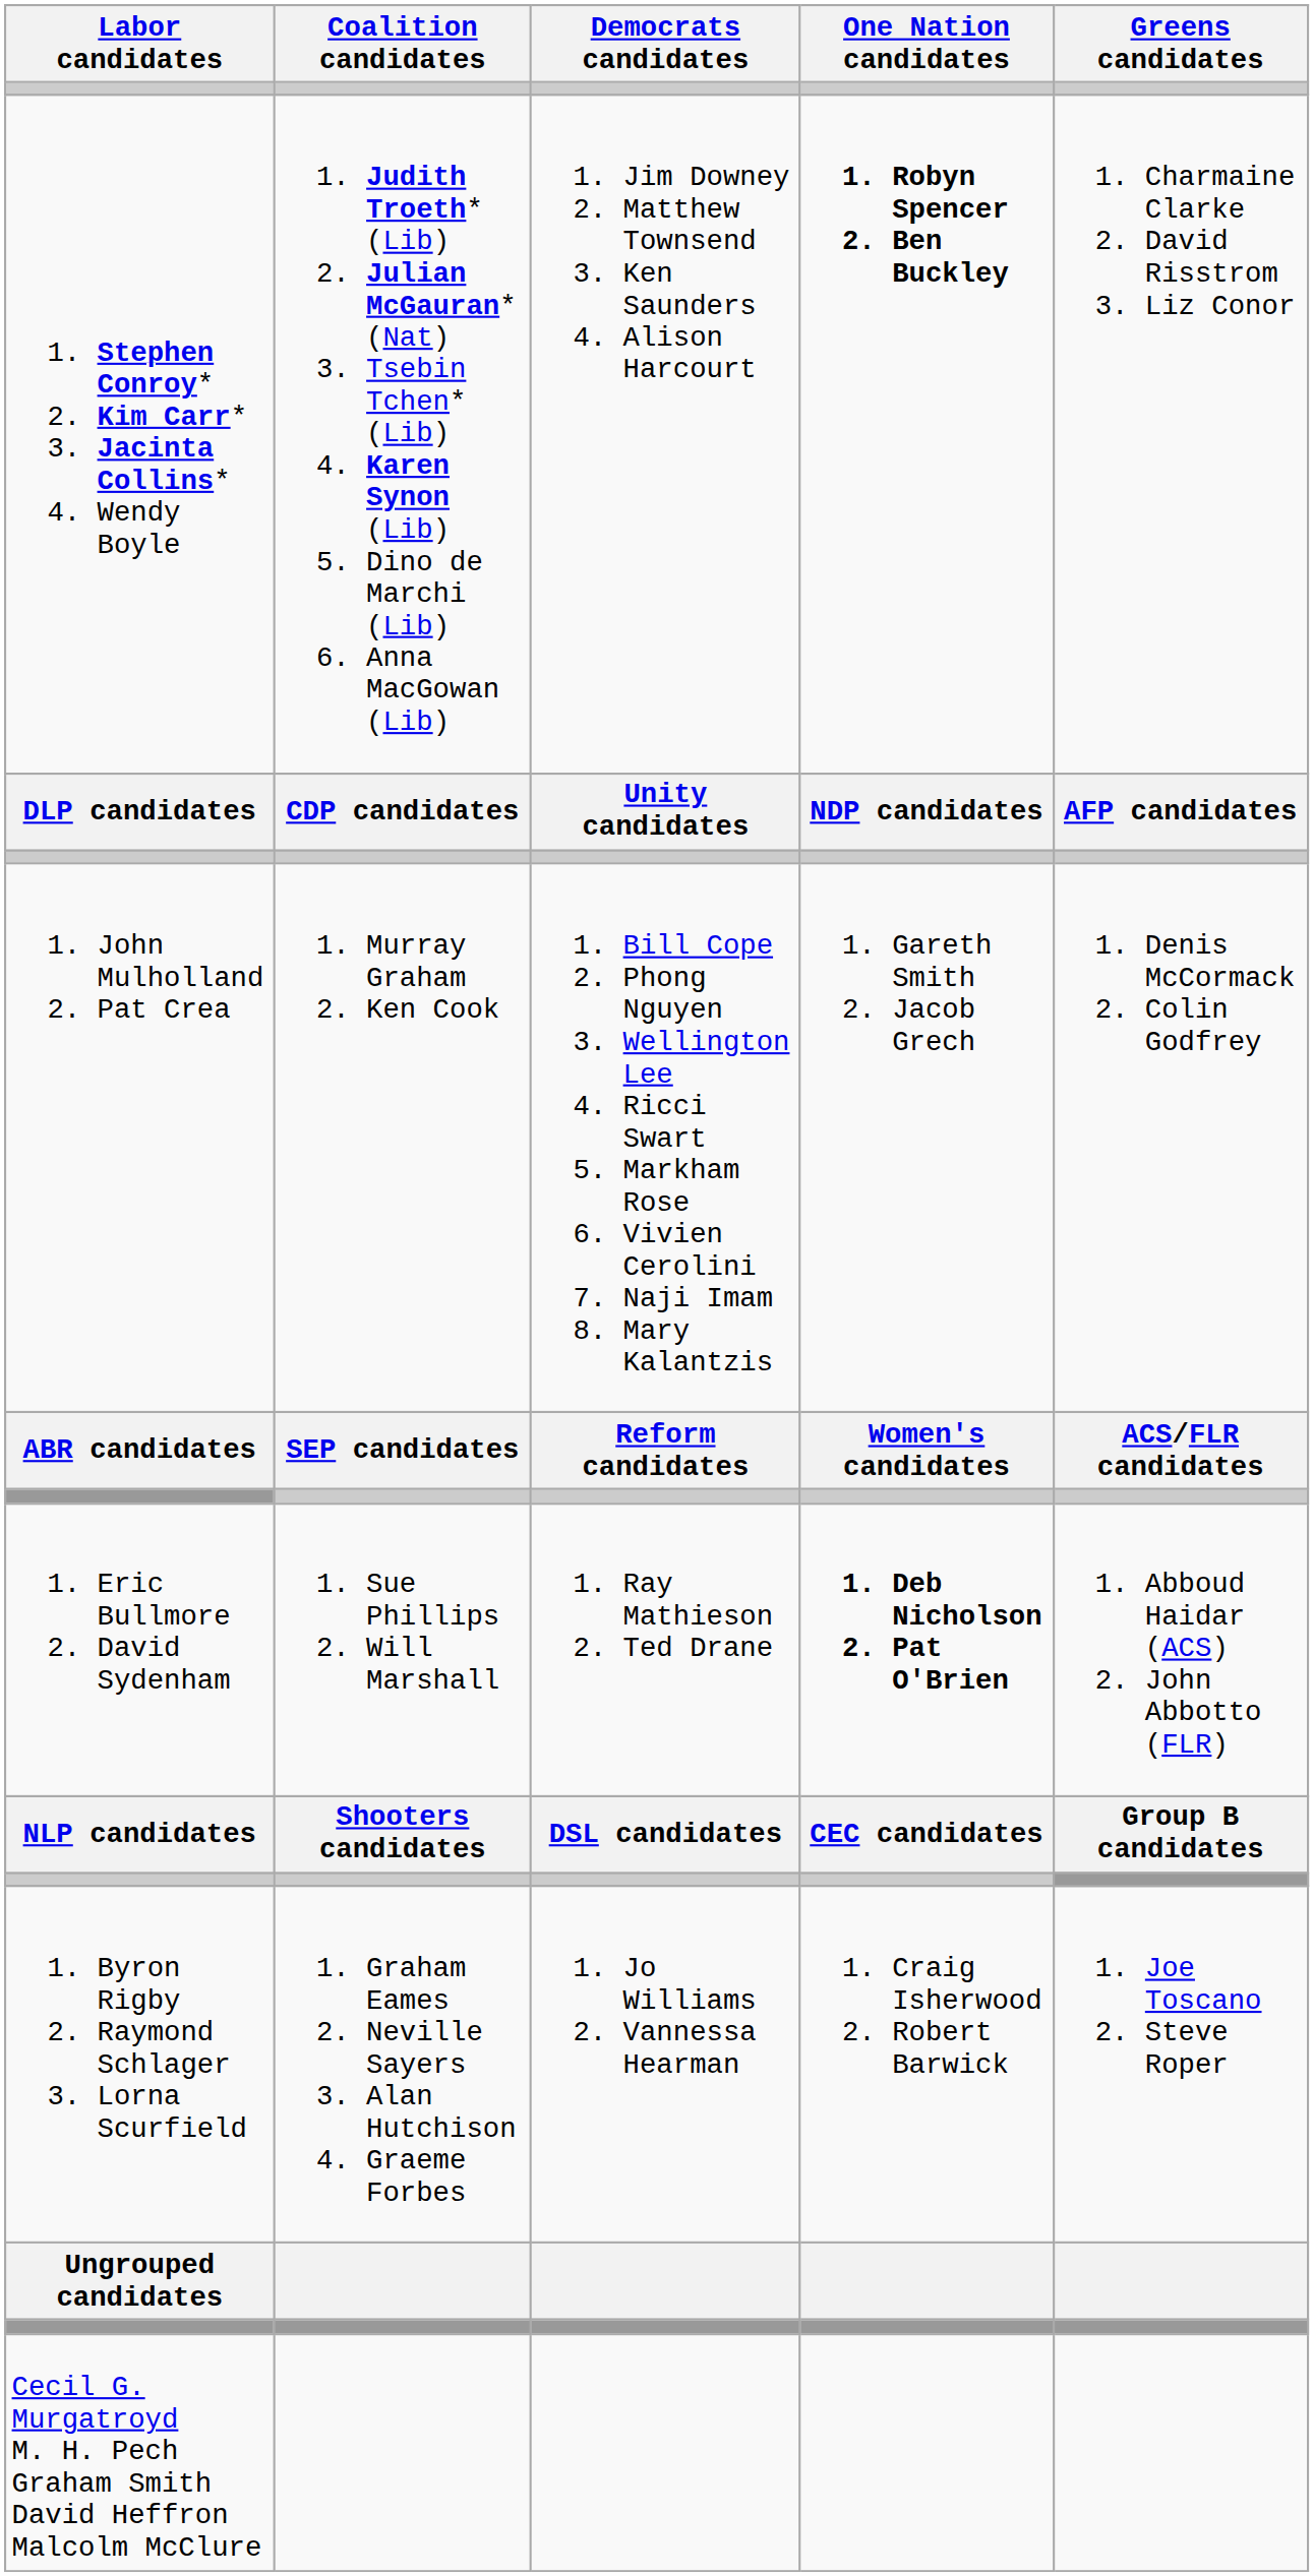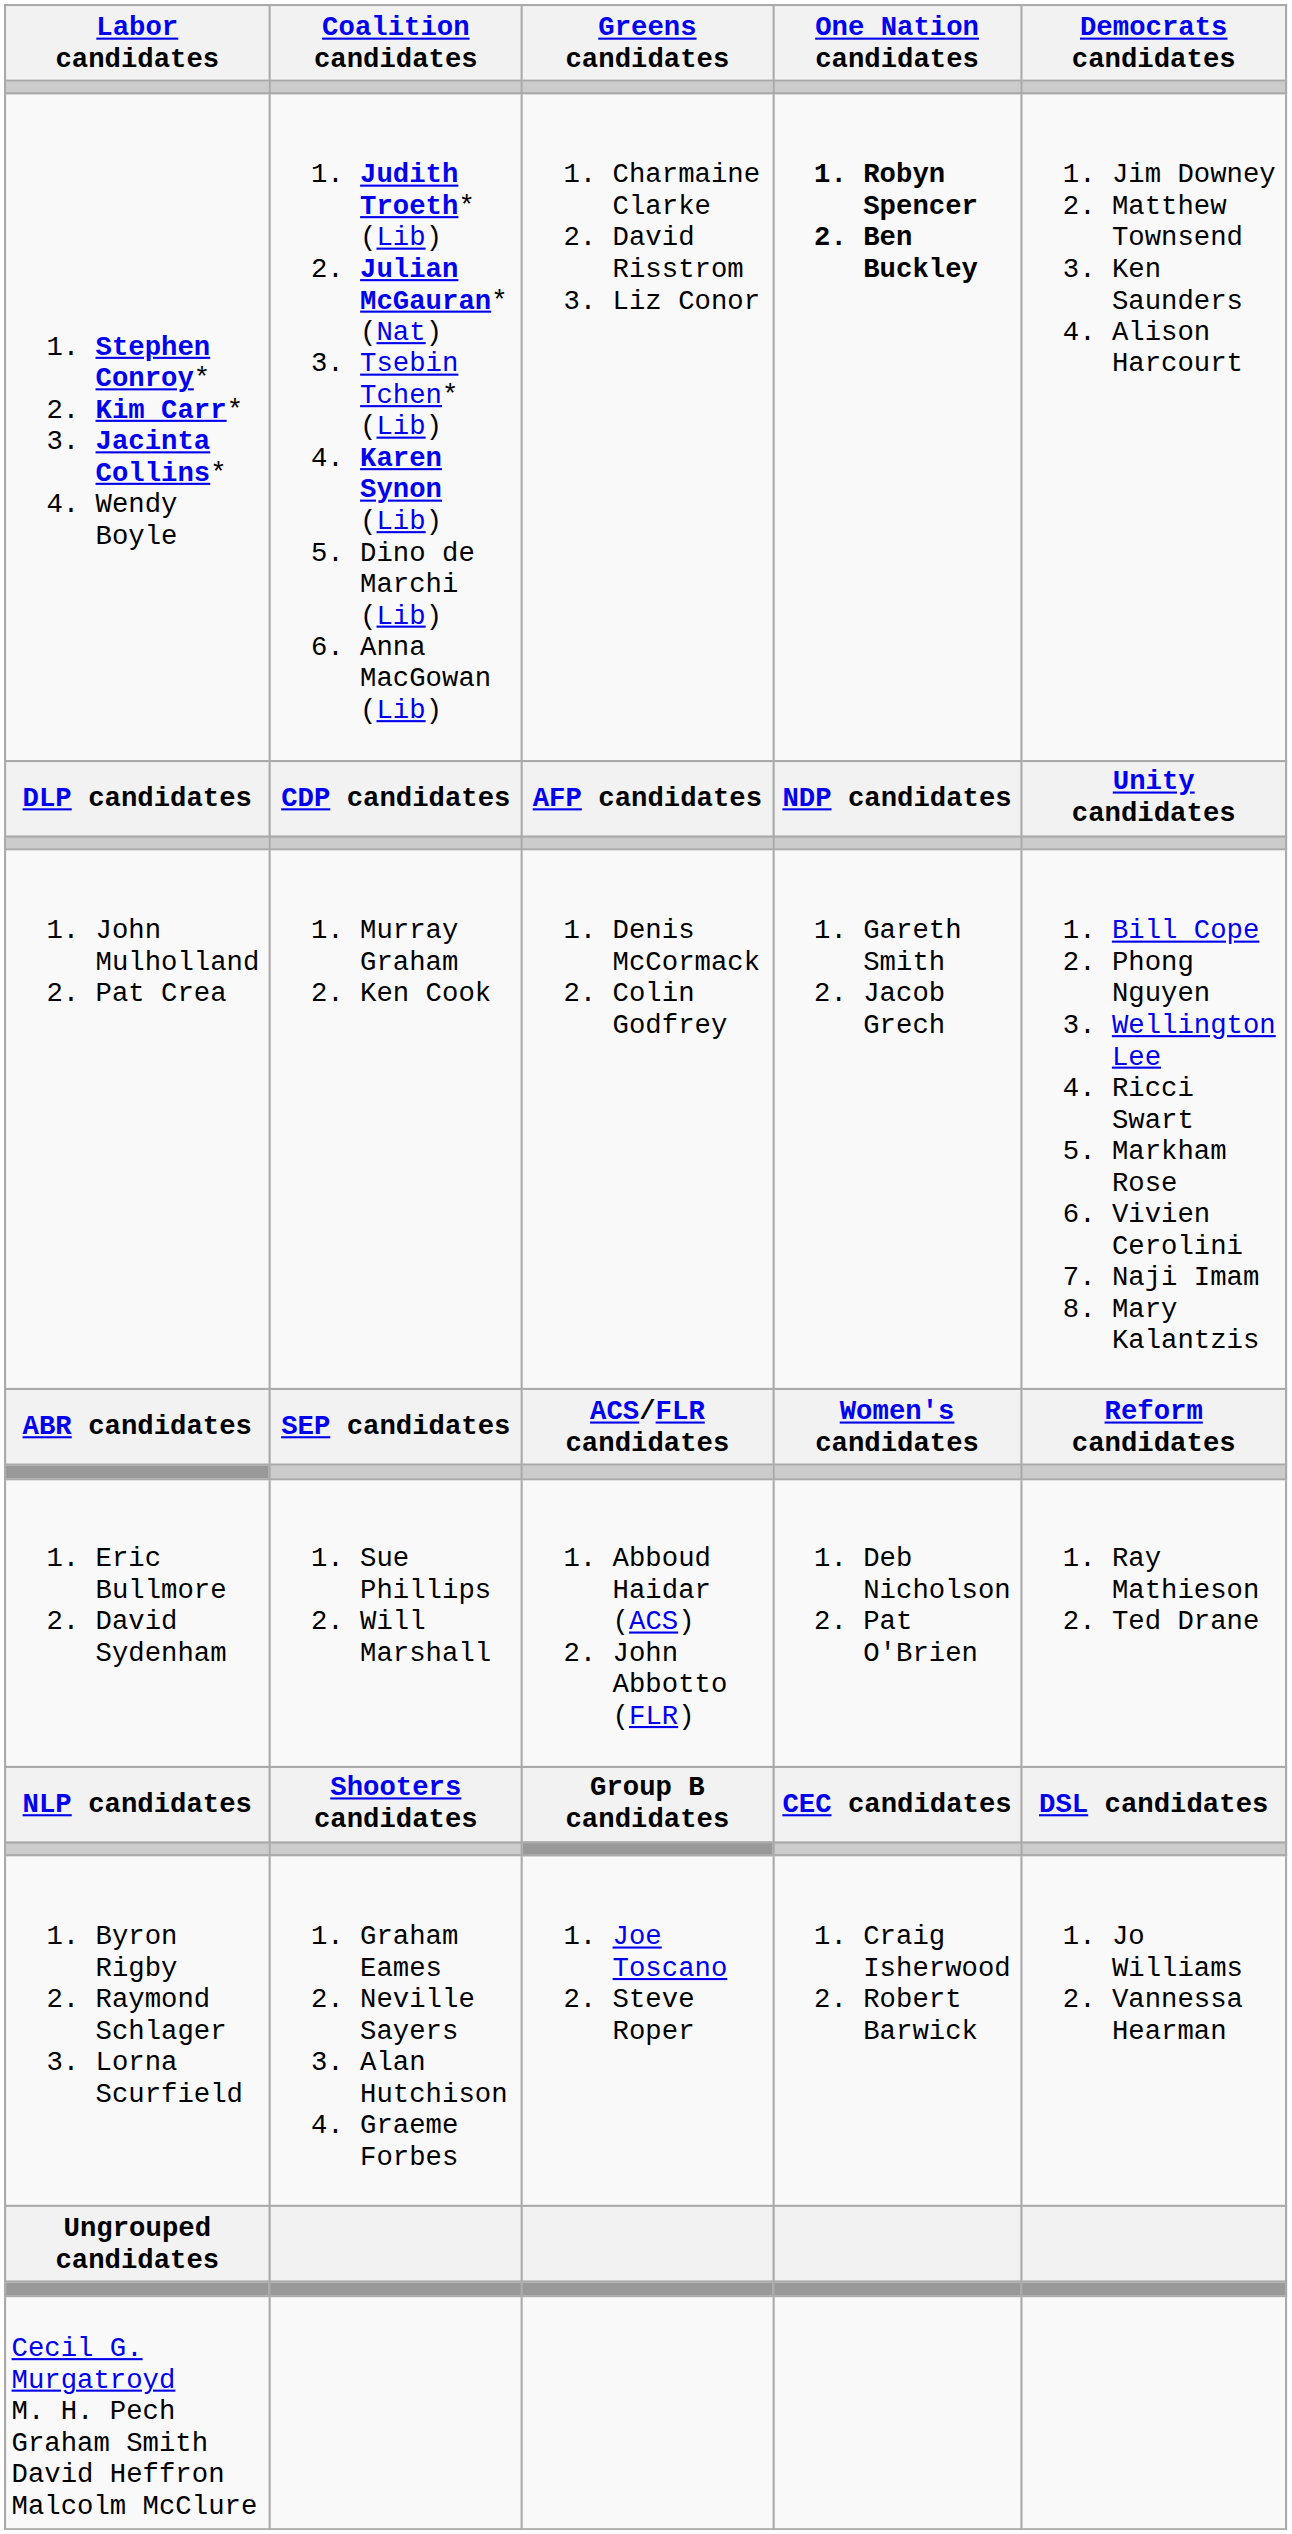 <table class="wikitable">
 <tr>
 <th><a href='#'>Labor</a> candidates</th>
 <th><a href='#'>Coalition</a> candidates</th>
+<th><a href='#'>Greens</a> candidates</th>
+<th><a href='#'>One Nation</a> candidates</th>
 <th><a href='#'>Democrats</a> candidates</th>
-<th><a href='#'>One Nation</a> candidates</th>
-<th><a href='#'>Greens</a> candidates</th>
 </tr>
 <tr bgcolor="#cccccc">
 <td></td>
 <td></td>
 <td></td>
 <td></td>
 <td></td>
 </tr>
 <tr>
 <td><br><ol><li><strong><a href='#'>Stephen Conroy</a></strong>*</li><li><strong><a href='#'>Kim Carr</a></strong>*</li><li><strong><a href='#'>Jacinta Collins</a></strong>*</li><li>Wendy Boyle</li></ol></td>
 <td><br><ol><li><strong><a href='#'>Judith Troeth</a></strong>* (<a href='#'>Lib</a>)</li><li><strong><a href='#'>Julian McGauran</a></strong>* (<a href='#'>Nat</a>)</li><li><a href='#'>Tsebin Tchen</a>* (<a href='#'>Lib</a>)</li><li><strong><a href='#'>Karen Synon</a></strong> (<a href='#'>Lib</a>)</li><li>Dino de Marchi (<a href='#'>Lib</a>)</li><li>Anna MacGowan (<a href='#'>Lib</a>)</li></ol></td>
+<td valign=top><br><ol><li>Charmaine Clarke</li><li>David Risstrom</li><li>Liz Conor</li></ol></td>
+<td valign=top><strong><br><ol><li>Robyn Spencer</li><li>Ben Buckley</li></ol></strong></td>
 <td valign=top><br><ol><li>Jim Downey</li><li>Matthew Townsend</li><li>Ken Saunders</li><li>Alison Harcourt</li></ol></td>
-<td valign=top><strong><br><ol><li>Robyn Spencer</li><li>Ben Buckley</li></ol></strong></td>
-<td valign=top><br><ol><li>Charmaine Clarke</li><li>David Risstrom</li><li>Liz Conor</li></ol></td>
 </tr>
 <tr bgcolor="#cccccc">
 <th><a href='#'>DLP</a> candidates</th>
 <th><a href='#'>CDP</a> candidates</th>
+<th><a href='#'>AFP</a> candidates</th>
+<th><a href='#'>NDP</a> candidates</th>
 <th><a href='#'>Unity</a> candidates</th>
-<th><a href='#'>NDP</a> candidates</th>
-<th><a href='#'>AFP</a> candidates</th>
 </tr>
 <tr bgcolor="#cccccc">
 <td></td>
 <td></td>
 <td></td>
 <td></td>
 <td></td>
 </tr>
 <tr>
 <td valign=top><br><ol><li>John Mulholland</li><li>Pat Crea</li></ol></td>
 <td valign=top><br><ol><li>Murray Graham</li><li>Ken Cook</li></ol></td>
+<td valign=top><br><ol><li>Denis McCormack</li><li>Colin Godfrey</li></ol></td>
+<td valign=top><br><ol><li>Gareth Smith</li><li>Jacob Grech</li></ol></td>
 <td valign=top><br><ol><li><a href='#'>Bill Cope</a></li><li>Phong Nguyen</li><li><a href='#'>Wellington Lee</a></li><li>Ricci Swart</li><li>Markham Rose</li><li>Vivien Cerolini</li><li>Naji Imam</li><li>Mary Kalantzis</li></ol></td>
-<td valign=top><br><ol><li>Gareth Smith</li><li>Jacob Grech</li></ol></td>
-<td valign=top><br><ol><li>Denis McCormack</li><li>Colin Godfrey</li></ol></td>
 </tr>
 <tr bgcolor="#cccccc">
 <th><a href='#'>ABR</a> candidates</th>
 <th><a href='#'>SEP</a> candidates</th>
+<th><a href='#'>ACS</a>/<a href='#'>FLR</a> candidates</th>
+<th><a href='#'>Women's</a> candidates</th>
 <th><a href='#'>Reform</a> candidates</th>
-<th><a href='#'>Women's</a> candidates</th>
-<th><a href='#'>ACS</a>/<a href='#'>FLR</a> candidates</th>
 </tr>
 <tr bgcolor="#cccccc">
 <td bgcolor="#999999"></td>
 <td></td>
 <td></td>
 <td></td>
 <td></td>
 </tr>
 <tr>
 <td valign=top><br><ol><li>Eric Bullmore</li><li>David Sydenham</li></ol></td>
 <td valign=top><br><ol><li>Sue Phillips</li><li>Will Marshall</li></ol></td>
+<td valign=top><br><ol><li>Abboud Haidar (<a href='#'>ACS</a>)</li><li>John Abbotto (<a href='#'>FLR</a>)</li></ol></td>
+<td valign=top><br><ol><li>Deb Nicholson</li><li>Pat O'Brien</li></ol></td>
 <td valign=top><br><ol><li>Ray Mathieson</li><li>Ted Drane</li></ol></td>
-<td valign=top><strong><br><ol><li>Deb Nicholson</li><li>Pat O'Brien</li></ol></strong></td>
-<td valign=top><br><ol><li>Abboud Haidar (<a href='#'>ACS</a>)</li><li>John Abbotto (<a href='#'>FLR</a>)</li></ol></td>
 </tr>
 <tr bgcolor="#cccccc">
 <th><a href='#'>NLP</a> candidates</th>
 <th><a href='#'>Shooters</a> candidates</th>
+<th>Group B candidates</th>
+<th><a href='#'>CEC</a> candidates</th>
 <th><a href='#'>DSL</a> candidates</th>
-<th><a href='#'>CEC</a> candidates</th>
-<th>Group B candidates</th>
 </tr>
 <tr bgcolor="#cccccc">
 <td></td>
 <td></td>
+<td bgcolor="#999999"></td>
 <td></td>
 <td></td>
-<td bgcolor="#999999"></td>
 </tr>
 <tr>
 <td valign=top><br><ol><li>Byron Rigby</li><li>Raymond Schlager</li><li>Lorna Scurfield</li></ol></td>
 <td valign=top><br><ol><li>Graham Eames</li><li>Neville Sayers</li><li>Alan Hutchison</li><li>Graeme Forbes</li></ol></td>
+<td valign=top><br><ol><li><a href='#'>Joe Toscano</a></li><li>Steve Roper</li></ol></td>
+<td valign=top><br><ol><li>Craig Isherwood</li><li>Robert Barwick</li></ol></td>
 <td valign=top><br><ol><li>Jo Williams</li><li>Vannessa Hearman</li></ol></td>
-<td valign=top><br><ol><li>Craig Isherwood</li><li>Robert Barwick</li></ol></td>
-<td valign=top><br><ol><li><a href='#'>Joe Toscano</a></li><li>Steve Roper</li></ol></td>
 </tr>
 <tr bgcolor="#cccccc">
 <th>Ungrouped candidates</th>
 <th></th>
 <th></th>
 <th></th>
 <th></th>
 </tr>
 <tr>
 <td bgcolor="#999999"></td>
 <td bgcolor="#999999"></td>
 <td bgcolor="#999999"></td>
 <td bgcolor="#999999"></td>
 <td bgcolor="#999999"></td>
 </tr>
 <tr>
 <td valign=top><br><a href='#'>Cecil G. Murgatroyd</a><br> M. H. Pech<br> Graham Smith<br> David Heffron<br> Malcolm McClure</td>
 <td valign=top></td>
 <td valign=top></td>
 <td valign=top></td>
 <td valign=top></td>
 </tr>
 </table>
